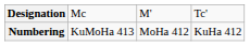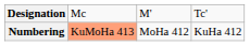 <table class="wikitable">
 <tr>
 <th>Designation</th>
 <td>Mc</td>
 <td>M'</td>
 <td>Tc'</td>
 </tr>
 <tr>
 <th>Numbering</th>
-<td>KuMoHa 413</td>
+<td style="background: lightsalmon;">KuMoHa 413</td>
 <td>MoHa 412</td>
 <td>KuHa 412</td>
 </tr>
 </table>
